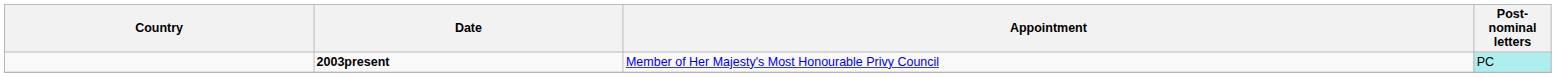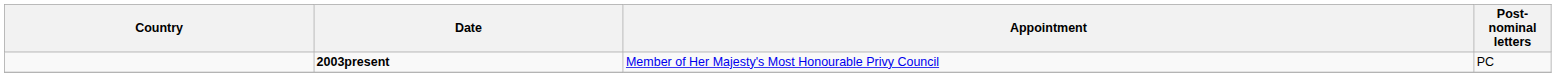 <table class="wikitable" style="width:100%;">
 <tr>
 <th style="width:20%;">Country</th>
 <th style="width:20%;">Date</th>
 <th style="width:55%;">Appointment</th>
 <th style="width:5%;">Post-nominal letters</th>
 </tr>
 <tr>
 <td></td>
 <td><strong>2003present</strong></td>
 <td><a href='#'>Member of Her Majesty's Most Honourable Privy Council</a></td>
-<td style="background: paleturquoise;">PC</td>
+<td>PC</td>
 </tr>
 <tr>
 </tr>
 </table>
